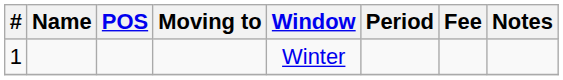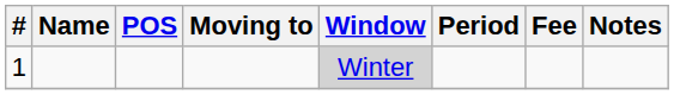 <table class="wikitable sortable" style="text-align:center">
 <tr>
 <th>#</th>
 <th>Name</th>
 <th><a href='#'>POS</a></th>
 <th>Moving to</th>
 <th><a href='#'>Window</a></th>
 <th>Period</th>
 <th>Fee</th>
 <th>Notes</th>
 </tr>
 <tr>
 <td>1</td>
 <td align=left></td>
 <td></td>
 <td align=left></td>
-<td><a href='#'>Winter</a></td>
+<td style="background: lightgrey;"><a href='#'>Winter</a></td>
 <td></td>
 <td></td>
 <td></td>
 </tr>
 <tr>
 </tr>
 </table>
